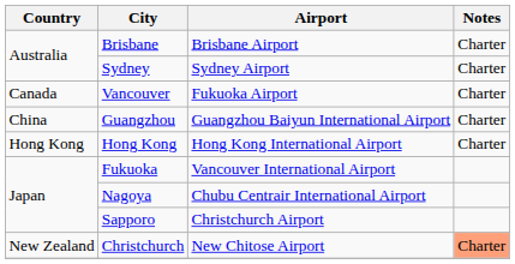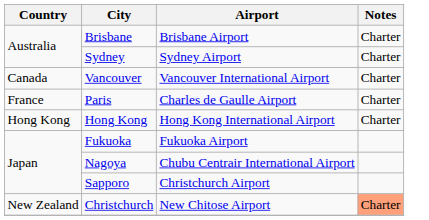 <table class="sortable wikitable">
 <tr>
 <th>Country</th>
 <th>City</th>
 <th>Airport</th>
 <th>Notes</th>
 </tr>
 <tr>
 <td rowspan=2>Australia</td>
 <td><a href='#'>Brisbane</a></td>
 <td><a href='#'>Brisbane Airport</a></td>
 <td>Charter</td>
 </tr>
 <tr>
 <td><a href='#'>Sydney</a></td>
 <td><a href='#'>Sydney Airport</a></td>
 <td>Charter</td>
 </tr>
 <tr>
 <td>Canada</td>
 <td><a href='#'>Vancouver</a></td>
-<td><a href='#'>Fukuoka Airport</a></td>
+<td><a href='#'>Vancouver International Airport</a></td>
 <td>Charter</td>
 </tr>
 <tr>
-<td>China</td>
-<td><a href='#'>Guangzhou</a></td>
-<td><a href='#'>Guangzhou Baiyun International Airport</a></td>
+<td>France</td>
+<td><a href='#'>Paris</a></td>
+<td><a href='#'>Charles de Gaulle Airport</a></td>
 <td>Charter</td>
 </tr>
 <tr>
 <td>Hong Kong</td>
 <td><a href='#'>Hong Kong</a></td>
 <td><a href='#'>Hong Kong International Airport</a></td>
 <td>Charter</td>
 </tr>
 <tr>
 <td rowspan=3>Japan</td>
 <td><a href='#'>Fukuoka</a></td>
-<td><a href='#'>Vancouver International Airport</a></td>
+<td><a href='#'>Fukuoka Airport</a></td>
 <td></td>
 </tr>
 <tr>
 <td><a href='#'>Nagoya</a></td>
 <td><a href='#'>Chubu Centrair International Airport</a></td>
 <td align=center></td>
 </tr>
 <tr>
 <td><a href='#'>Sapporo</a></td>
 <td><a href='#'>Christchurch Airport</a></td>
 <td align=center></td>
 </tr>
 <tr>
 <td>New Zealand</td>
 <td><a href='#'>Christchurch</a></td>
 <td><a href='#'>New Chitose Airport</a></td>
 <td style="background: lightsalmon;">Charter</td>
 </tr>
 <tr>
 </tr>
 </table>
